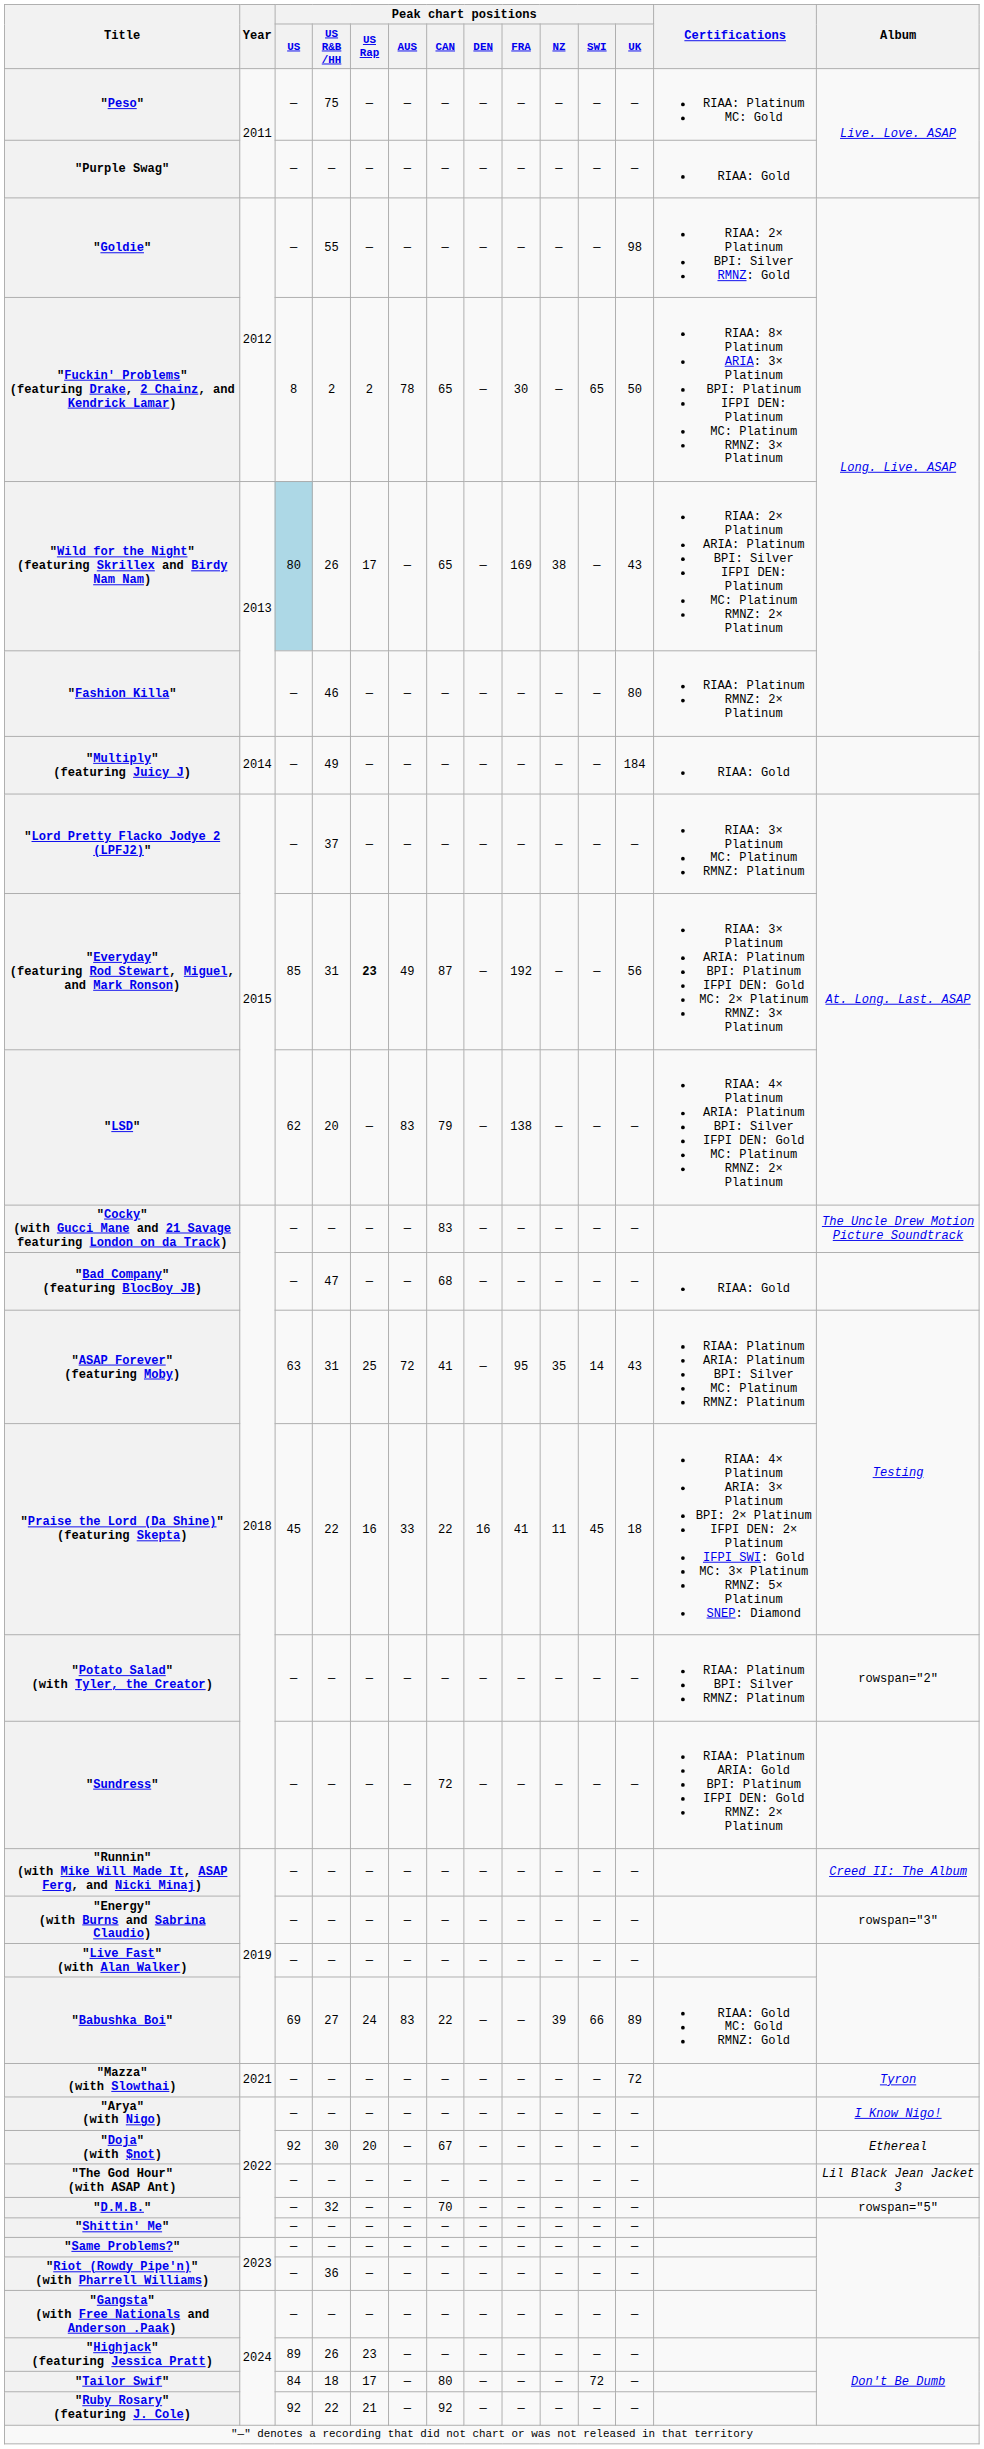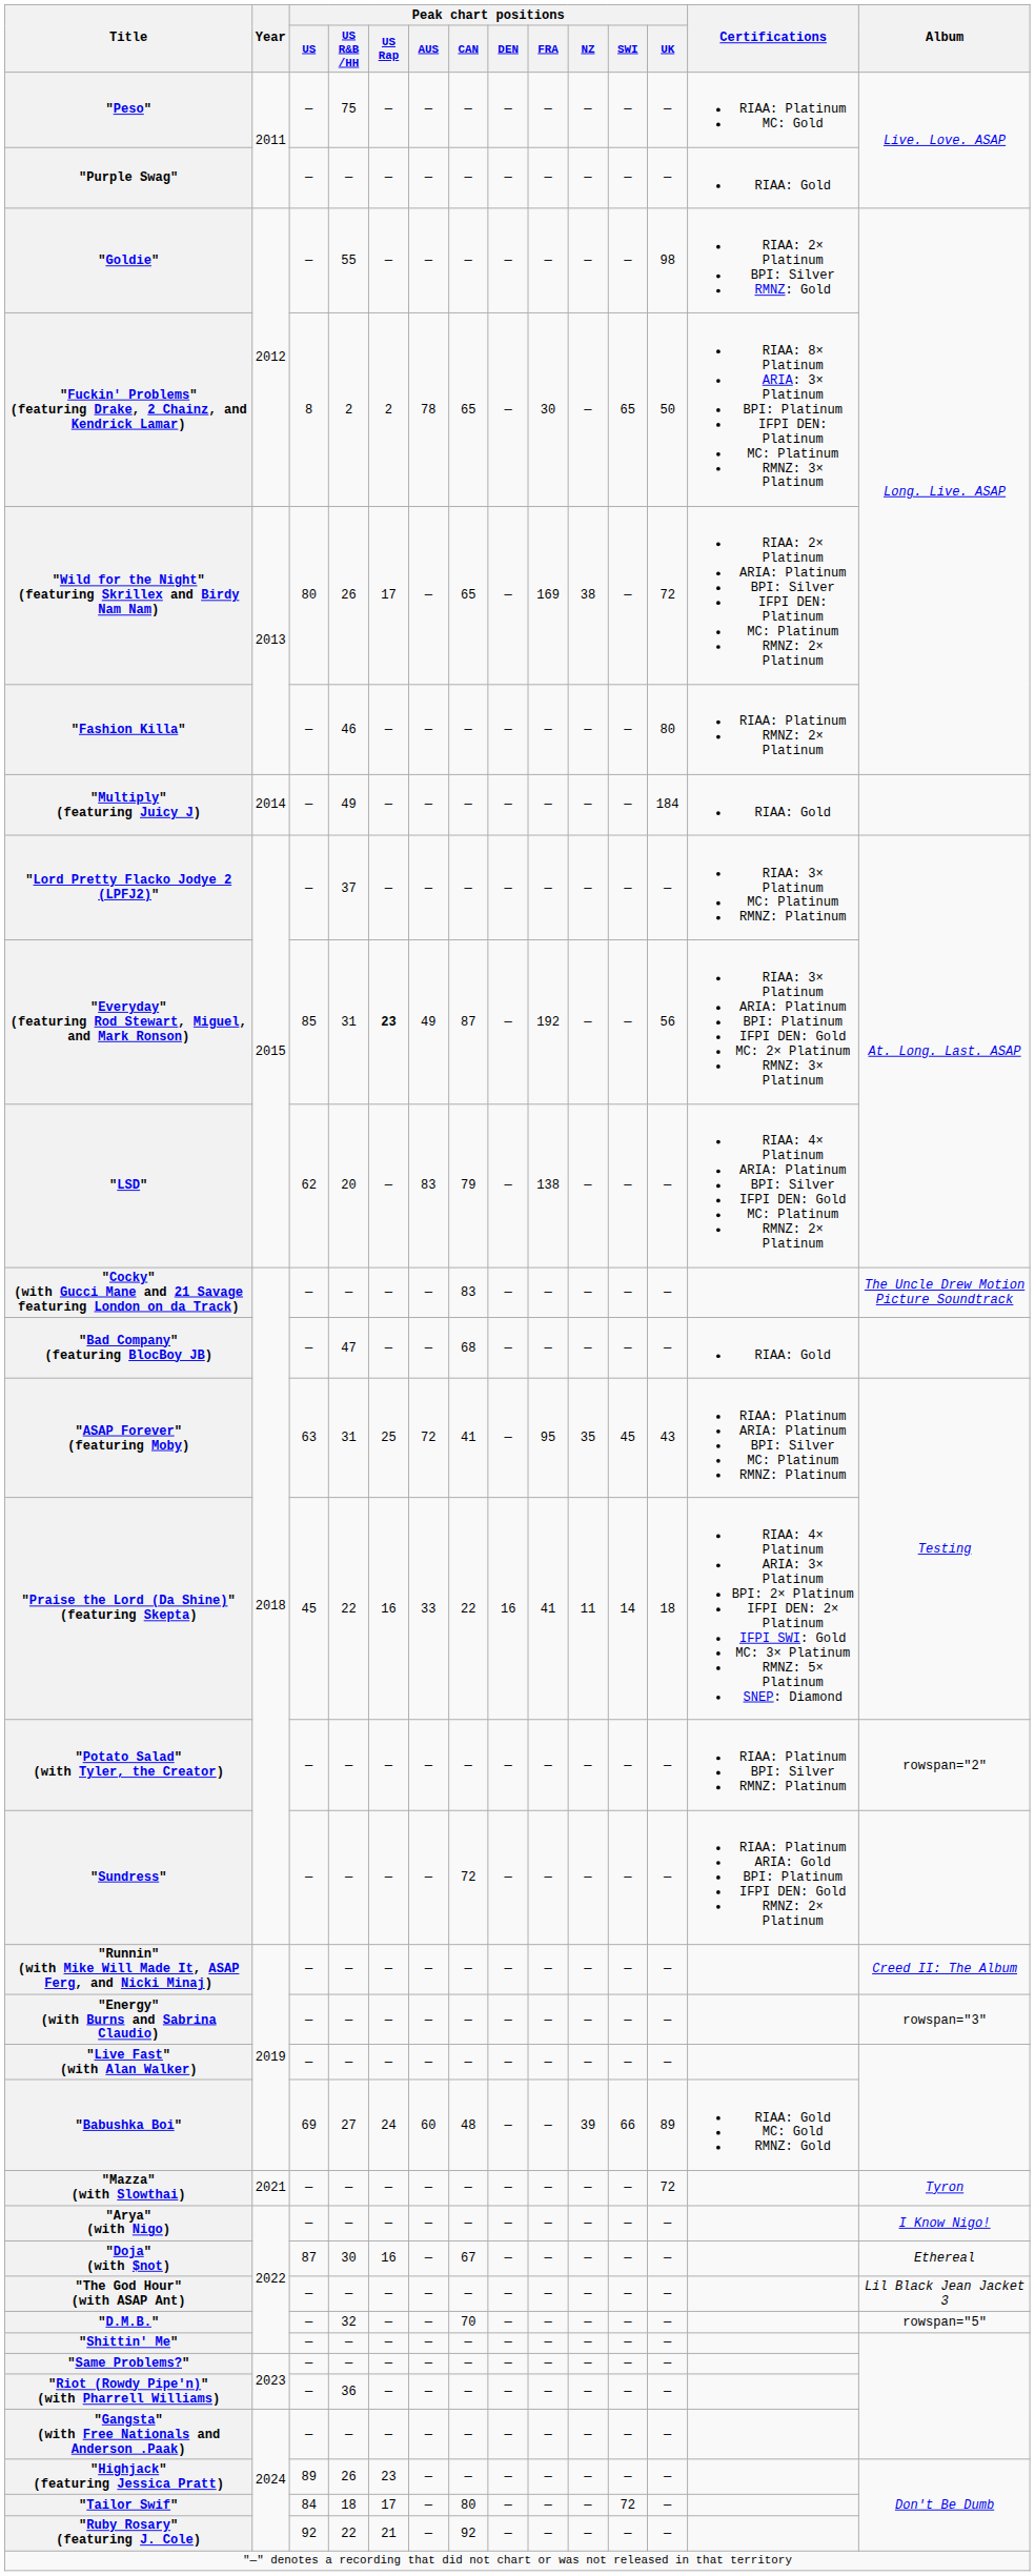 <table class="wikitable plainrowheaders" style="text-align:center;" border="1">
 <tr>
 <th scope="col" rowspan="2" style="width:19em;">Title</th>
 <th scope="col" rowspan="2" style="width:1em;">Year</th>
 <th scope="col" colspan="10">Peak chart positions</th>
 <th scope="col" rowspan="2" style="width:13em;"><a href='#'>Certifications</a></th>
 <th scope="col" rowspan="2" style="width:13em;">Album</th>
 </tr>
 <tr>
 <th scope="col" style="width:3em;font-size:90%;"><a href='#'>US</a><br></th>
 <th scope="col" style="width:3em;font-size:90%;"><a href='#'>US<br>R&B<br>/HH</a><br></th>
 <th scope="col" style="width:3em;font-size:90%;"><a href='#'>US<br>Rap</a><br></th>
 <th scope="col" style="width:3em;font-size:90%;"><a href='#'>AUS</a><br></th>
 <th scope="col" style="width:3em;font-size:90%;"><a href='#'>CAN</a><br></th>
 <th scope="col" style="width:3em;font-size:90%;"><a href='#'>DEN</a><br></th>
 <th scope="col" style="width:3em;font-size:90%;"><a href='#'>FRA</a><br></th>
 <th scope="col" style="width:3em;font-size:90%;"><a href='#'>NZ</a><br></th>
 <th scope="col" style="width:3em;font-size:90%;"><a href='#'>SWI</a><br></th>
 <th scope="col" style="width:3em;font-size:90%;"><a href='#'>UK</a><br></th>
 </tr>
 <tr>
 <th scope="row">"<a href='#'>Peso</a>"</th>
 <td rowspan="2">2011</td>
 <td>—</td>
 <td>75</td>
 <td>—</td>
 <td>—</td>
 <td>—</td>
 <td>—</td>
 <td>—</td>
 <td>—</td>
 <td>—</td>
 <td>—</td>
 <td><br><ul><li>RIAA: Platinum</li><li>MC: Gold</li></ul></td>
 <td rowspan="2"><em><a href='#'>Live. Love. ASAP</a></em></td>
 </tr>
 <tr>
 <th scope="row">"Purple Swag"</th>
 <td>—</td>
 <td>—</td>
 <td>—</td>
 <td>—</td>
 <td>—</td>
 <td>—</td>
 <td>—</td>
 <td>—</td>
 <td>—</td>
 <td>—</td>
 <td><br><ul><li>RIAA: Gold</li></ul></td>
 </tr>
 <tr>
 <th scope="row">"<a href='#'>Goldie</a>"</th>
 <td rowspan="2">2012</td>
 <td>—</td>
 <td>55</td>
 <td>—</td>
 <td>—</td>
 <td>—</td>
 <td>—</td>
 <td>—</td>
 <td>—</td>
 <td>—</td>
 <td>98</td>
 <td><br><ul><li>RIAA: 2× Platinum</li><li>BPI: Silver</li><li><a href='#'>RMNZ</a>: Gold</li></ul></td>
 <td rowspan="4"><em><a href='#'>Long. Live. ASAP</a></em></td>
 </tr>
 <tr>
 <th scope="row">"<a href='#'>Fuckin' Problems</a>"<br><span>(featuring <a href='#'>Drake</a>, <a href='#'>2 Chainz</a>, and <a href='#'>Kendrick Lamar</a>)</span></th>
 <td>8</td>
 <td>2</td>
 <td>2</td>
 <td>78</td>
 <td>65</td>
 <td>—</td>
 <td>30</td>
 <td>—</td>
 <td>65</td>
 <td>50</td>
 <td><br><ul><li>RIAA: 8× Platinum</li><li><a href='#'>ARIA</a>: 3× Platinum</li><li>BPI: Platinum</li><li>IFPI DEN: Platinum</li><li>MC: Platinum</li><li>RMNZ: 3× Platinum</li></ul></td>
 </tr>
 <tr>
 <th scope="row">"<a href='#'>Wild for the Night</a>"<br><span>(featuring <a href='#'>Skrillex</a> and <a href='#'>Birdy Nam Nam</a>)</span></th>
 <td rowspan="2">2013</td>
-<td style="background: lightblue;">80</td>
+<td>80</td>
 <td>26</td>
 <td>17</td>
 <td>—</td>
 <td>65</td>
 <td>—</td>
 <td>169</td>
 <td>38</td>
 <td>—</td>
-<td>43</td>
+<td>72</td>
 <td><br><ul><li>RIAA: 2× Platinum</li><li>ARIA: Platinum</li><li>BPI: Silver</li><li>IFPI DEN: Platinum</li><li>MC: Platinum</li><li>RMNZ: 2× Platinum</li></ul></td>
 </tr>
 <tr>
 <th scope="row">"<a href='#'>Fashion Killa</a>"</th>
 <td>—</td>
 <td>46</td>
 <td>—</td>
 <td>—</td>
 <td>—</td>
 <td>—</td>
 <td>—</td>
 <td>—</td>
 <td>—</td>
 <td>80</td>
 <td><br><ul><li>RIAA: Platinum</li><li>RMNZ: 2× Platinum</li></ul></td>
 </tr>
 <tr>
 <th scope="row">"<a href='#'>Multiply</a>"<br><span>(featuring <a href='#'>Juicy J</a>)</span></th>
 <td>2014</td>
 <td>—</td>
 <td>49</td>
 <td>—</td>
 <td>—</td>
 <td>—</td>
 <td>—</td>
 <td>—</td>
 <td>—</td>
 <td>—</td>
 <td>184</td>
 <td><br><ul><li>RIAA: Gold</li></ul></td>
 <td></td>
 </tr>
 <tr>
 <th scope="row">"<a href='#'>Lord Pretty Flacko Jodye 2 (LPFJ2)</a>"</th>
 <td rowspan="3">2015</td>
 <td>—</td>
 <td>37</td>
 <td>—</td>
 <td>—</td>
 <td>—</td>
 <td>—</td>
 <td>—</td>
 <td>—</td>
 <td>—</td>
 <td>—</td>
 <td><br><ul><li>RIAA: 3× Platinum</li><li>MC: Platinum</li><li>RMNZ: Platinum</li></ul></td>
 <td rowspan="3"><em><a href='#'>At. Long. Last. ASAP</a></em></td>
 </tr>
 <tr>
 <th scope="row">"<a href='#'>Everyday</a>"<br><span>(featuring <a href='#'>Rod Stewart</a>, <a href='#'>Miguel</a>, and <a href='#'>Mark Ronson</a>)</span></th>
 <td>85</td>
 <td>31</td>
 <td><strong>23</strong></td>
 <td>49</td>
 <td>87</td>
 <td>—</td>
 <td>192</td>
 <td>—</td>
 <td>—</td>
 <td>56</td>
 <td><br><ul><li>RIAA: 3× Platinum</li><li>ARIA: Platinum</li><li>BPI: Platinum</li><li>IFPI DEN: Gold</li><li>MC: 2× Platinum</li><li>RMNZ: 3× Platinum</li></ul></td>
 </tr>
 <tr>
 <th scope="row">"<a href='#'>LSD</a>"</th>
 <td>62</td>
 <td>20</td>
 <td>—</td>
 <td>83</td>
 <td>79</td>
 <td>—</td>
 <td>138</td>
 <td>—</td>
 <td>—</td>
 <td>—</td>
 <td><br><ul><li>RIAA: 4× Platinum</li><li>ARIA: Platinum</li><li>BPI: Silver</li><li>IFPI DEN: Gold</li><li>MC: Platinum</li><li>RMNZ: 2× Platinum</li></ul></td>
 </tr>
 <tr>
 <th scope="row">"<a href='#'>Cocky</a>"<br><span>(with <a href='#'>Gucci Mane</a> and <a href='#'>21 Savage</a> featuring <a href='#'>London on da Track</a>)</span></th>
 <td rowspan="6">2018</td>
 <td>—</td>
 <td>—</td>
 <td>—</td>
 <td>—</td>
 <td>83</td>
 <td>—</td>
 <td>—</td>
 <td>—</td>
 <td>—</td>
 <td>—</td>
 <td></td>
 <td><em><a href='#'>The Uncle Drew Motion Picture Soundtrack</a></em></td>
 </tr>
 <tr>
 <th scope="row">"<a href='#'>Bad Company</a>"<br><span>(featuring <a href='#'>BlocBoy JB</a>)</span></th>
 <td>—</td>
 <td>47</td>
 <td>—</td>
 <td>—</td>
 <td>68</td>
 <td>—</td>
 <td>—</td>
 <td>—</td>
 <td>—</td>
 <td>—</td>
 <td><br><ul><li>RIAA: Gold</li></ul></td>
 <td></td>
 </tr>
 <tr>
 <th scope="row">"<a href='#'>ASAP Forever</a>"<br><span>(featuring <a href='#'>Moby</a>)</span></th>
 <td>63</td>
 <td>31</td>
 <td>25</td>
 <td>72</td>
 <td>41</td>
 <td>—</td>
 <td>95</td>
 <td>35</td>
-<td>14</td>
+<td>45</td>
 <td>43</td>
 <td><br><ul><li>RIAA: Platinum</li><li>ARIA: Platinum</li><li>BPI: Silver</li><li>MC: Platinum</li><li>RMNZ: Platinum</li></ul></td>
 <td rowspan="2"><em><a href='#'>Testing</a></em></td>
 </tr>
 <tr>
 <th scope="row">"<a href='#'>Praise the Lord (Da Shine)</a>"<br><span>(featuring <a href='#'>Skepta</a>)</span></th>
 <td>45</td>
 <td>22</td>
 <td>16</td>
 <td>33</td>
 <td>22</td>
 <td>16</td>
 <td>41</td>
 <td>11</td>
-<td>45</td>
+<td>14</td>
 <td>18</td>
 <td><br><ul><li>RIAA: 4× Platinum</li><li>ARIA: 3× Platinum</li><li>BPI: 2× Platinum</li><li>IFPI DEN: 2× Platinum</li><li><a href='#'>IFPI SWI</a>: Gold</li><li>MC: 3× Platinum</li><li>RMNZ: 5× Platinum</li><li><a href='#'>SNEP</a>: Diamond</li></ul></td>
 </tr>
 <tr>
 <th scope="row">"<a href='#'>Potato Salad</a>"<br><span>(with <a href='#'>Tyler, the Creator</a>)</span></th>
 <td>—</td>
 <td>—</td>
 <td>—</td>
 <td>—</td>
 <td>—</td>
 <td>—</td>
 <td>—</td>
 <td>—</td>
 <td>—</td>
 <td>—</td>
 <td><br><ul><li>RIAA: Platinum</li><li>BPI: Silver</li><li>RMNZ: Platinum</li></ul></td>
 <td>rowspan="2" </td>
 </tr>
 <tr>
 <th scope="row">"<a href='#'>Sundress</a>"</th>
 <td>—</td>
 <td>—</td>
 <td>—</td>
 <td>—</td>
 <td>72</td>
 <td>—</td>
 <td>—</td>
 <td>—</td>
 <td>—</td>
 <td>—</td>
 <td><br><ul><li>RIAA: Platinum</li><li>ARIA: Gold</li><li>BPI: Platinum</li><li>IFPI DEN: Gold</li><li>RMNZ: 2× Platinum</li></ul></td>
 </tr>
 <tr>
 <th scope="row">"Runnin"<br><span>(with <a href='#'>Mike Will Made It</a>, <a href='#'>ASAP Ferg</a>, and <a href='#'>Nicki Minaj</a>)</span></th>
 <td rowspan="4">2019</td>
 <td>—</td>
 <td>—</td>
 <td>—</td>
 <td>—</td>
 <td>—</td>
 <td>—</td>
 <td>—</td>
 <td>—</td>
 <td>—</td>
 <td>—</td>
 <td></td>
 <td><em><a href='#'>Creed II: The Album</a></em></td>
 </tr>
 <tr>
 <th scope="row">"Energy"<br><span>(with <a href='#'>Burns</a> and <a href='#'>Sabrina Claudio</a>)</span></th>
 <td>—</td>
 <td>—</td>
 <td>—</td>
 <td>—</td>
 <td>—</td>
 <td>—</td>
 <td>—</td>
 <td>—</td>
 <td>—</td>
 <td>—</td>
 <td></td>
 <td>rowspan="3" </td>
 </tr>
 <tr>
 <th scope="row">"<a href='#'>Live Fast</a>"<br><span>(with <a href='#'>Alan Walker</a>)</span></th>
 <td>—</td>
 <td>—</td>
 <td>—</td>
 <td>—</td>
 <td>—</td>
 <td>—</td>
 <td>—</td>
 <td>—</td>
 <td>—</td>
 <td>—</td>
 <td></td>
 </tr>
 <tr>
 <th scope="row">"<a href='#'>Babushka Boi</a>"</th>
 <td>69</td>
 <td>27</td>
 <td>24</td>
-<td>83</td>
-<td>22</td>
+<td>60</td>
+<td>48</td>
 <td>—</td>
 <td>—</td>
 <td>39<br></td>
 <td>66</td>
 <td>89</td>
 <td><br><ul><li>RIAA: Gold</li><li>MC: Gold</li><li>RMNZ: Gold</li></ul></td>
 </tr>
 <tr>
 <th scope="row">"Mazza"<br><span>(with <a href='#'>Slowthai</a>)</span></th>
 <td>2021</td>
 <td>—</td>
 <td>—</td>
 <td>—</td>
 <td>—</td>
 <td>—</td>
 <td>—</td>
 <td>—</td>
 <td>—</td>
 <td>—</td>
 <td>72</td>
 <td></td>
 <td><em><a href='#'>Tyron</a></em></td>
 </tr>
 <tr>
 <th scope="row">"Arya"<br><span>(with <a href='#'>Nigo</a>)</span></th>
 <td rowspan="5">2022</td>
 <td>—</td>
 <td>—</td>
 <td>—</td>
 <td>—</td>
 <td>—</td>
 <td>—</td>
 <td>—</td>
 <td>—</td>
 <td>—</td>
 <td>—</td>
 <td></td>
 <td><em><a href='#'>I Know Nigo!</a></em></td>
 </tr>
 <tr>
 <th scope="row">"<a href='#'>Doja</a>"<br><span>(with <a href='#'>$not</a>)</span></th>
-<td>92</td>
+<td>87</td>
 <td>30</td>
-<td>20</td>
+<td>16</td>
 <td>—</td>
 <td>67</td>
 <td>—</td>
 <td>—</td>
 <td>—</td>
 <td>—</td>
 <td>—</td>
 <td></td>
 <td><em>Ethereal</em></td>
 </tr>
 <tr>
 <th scope="row">"The God Hour"<br><span>(with ASAP Ant)</span></th>
 <td>—</td>
 <td>—</td>
 <td>—</td>
 <td>—</td>
 <td>—</td>
 <td>—</td>
 <td>—</td>
 <td>—</td>
 <td>—</td>
 <td>—</td>
 <td></td>
 <td><em>Lil Black Jean Jacket 3</em></td>
 </tr>
 <tr>
 <th scope="row">"<a href='#'>D.M.B.</a>"</th>
 <td>—</td>
 <td>32</td>
 <td>—</td>
 <td>—</td>
 <td>70</td>
 <td>—</td>
 <td>—</td>
 <td>—</td>
 <td>—</td>
 <td>—</td>
 <td></td>
 <td>rowspan="5" </td>
 </tr>
 <tr>
 <th scope="row">"<a href='#'>Shittin' Me</a>"</th>
 <td>—</td>
 <td>—</td>
 <td>—</td>
 <td>—</td>
 <td>—</td>
 <td>—</td>
 <td>—</td>
 <td>—</td>
 <td>—</td>
 <td>—</td>
 <td></td>
 </tr>
 <tr>
 <th scope="row">"<a href='#'>Same Problems?</a>"</th>
 <td rowspan="2">2023</td>
 <td>—</td>
 <td>—</td>
 <td>—</td>
 <td>—</td>
 <td>—</td>
 <td>—</td>
 <td>—</td>
 <td>—</td>
 <td>—</td>
 <td>—</td>
 <td></td>
 </tr>
 <tr>
 <th scope="row">"<a href='#'>Riot (Rowdy Pipe'n)</a>"<br><span>(with <a href='#'>Pharrell Williams</a>)</span></th>
 <td>—</td>
 <td>36</td>
 <td>—</td>
 <td>—</td>
 <td>—</td>
 <td>—</td>
 <td>—</td>
 <td>—</td>
 <td>—</td>
 <td>—</td>
 <td></td>
 </tr>
 <tr>
 <th scope="row">"<a href='#'>Gangsta</a>"<br><span>(with <a href='#'>Free Nationals</a> and <a href='#'>Anderson .Paak</a>)</span></th>
 <td rowspan="4">2024</td>
 <td>—</td>
 <td>—</td>
 <td>—</td>
 <td>—</td>
 <td>—</td>
 <td>—</td>
 <td>—</td>
 <td>—</td>
 <td>—</td>
 <td>—</td>
 <td></td>
 </tr>
 <tr>
 <th scope="row">"<a href='#'>Highjack</a>"<br><span>(featuring <a href='#'>Jessica Pratt</a>)</span></th>
 <td>89</td>
 <td>26</td>
 <td>23</td>
 <td>—</td>
 <td>—</td>
 <td>—</td>
 <td>—</td>
 <td>—</td>
 <td>—</td>
 <td>—</td>
 <td></td>
 <td rowspan="3"><em><a href='#'>Don't Be Dumb</a></em></td>
 </tr>
 <tr>
 <th scope="row">"<a href='#'>Tailor Swif</a>"</th>
 <td>84</td>
 <td>18</td>
 <td>17</td>
 <td>—</td>
 <td>80</td>
 <td>—</td>
 <td>—</td>
 <td>—</td>
 <td>72</td>
 <td>—</td>
 <td></td>
 </tr>
 <tr>
 <th scope="row">"<a href='#'>Ruby Rosary</a>"<br><span>(featuring <a href='#'>J. Cole</a>)</span></th>
 <td>92</td>
 <td>22</td>
 <td>21</td>
 <td>—</td>
 <td>92</td>
 <td>—</td>
 <td>—</td>
 <td>—</td>
 <td>—</td>
 <td>—</td>
 <td></td>
 </tr>
 <tr>
 <td colspan="15" style="font-size:90%">"—" denotes a recording that did not chart or was not released in that territory</td>
 </tr>
 </table>
